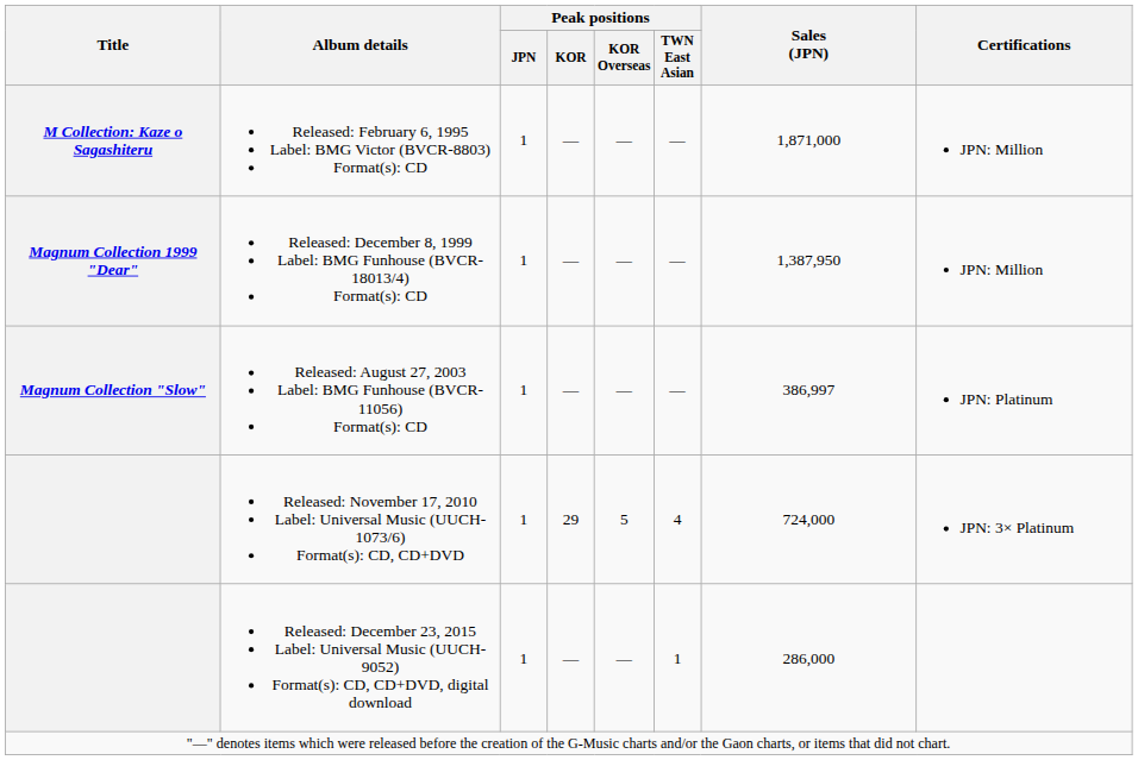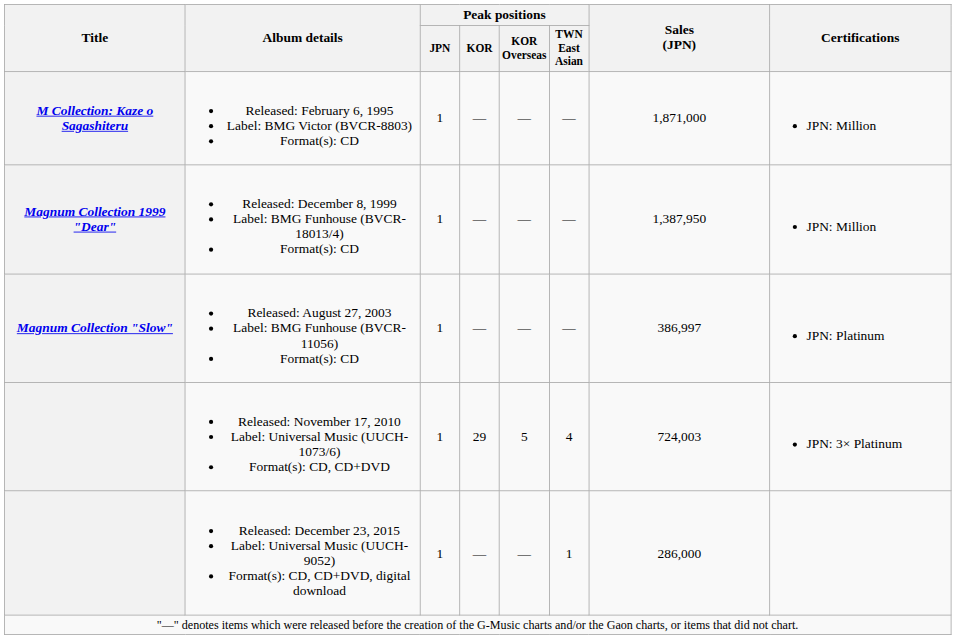 <table class="wikitable plainrowheaders" style="text-align:center;">
 <tr>
 <th style="width:13em;" rowspan="2">Title</th>
 <th style="width:17em;" rowspan="2">Album details</th>
 <th colspan="4">Peak positions</th>
 <th style="width:13em;" rowspan="2">Sales<br>(JPN)<br></th>
 <th style="width:13em;" rowspan="2">Certifications</th>
 </tr>
 <tr>
 <th style="width:3em;font-size:85%;">JPN<br></th>
 <th style="width:3em;font-size:85%;">KOR<br></th>
 <th style="width:3em;font-size:85%;">KOR<br>Overseas<br></th>
 <th style="width:3em;font-size:85%;">TWN East Asian<br></th>
 </tr>
 <tr>
 <th scope="row"><em><a href='#'>M Collection: Kaze o Sagashiteru</a></em></th>
 <td><br><ul><li>Released: February 6, 1995</li><li>Label: BMG Victor <span>(BVCR-8803)</span></li><li>Format(s): CD</li></ul></td>
 <td>1</td>
 <td>—</td>
 <td>—</td>
 <td>—</td>
 <td>1,871,000</td>
 <td align="left"><br><ul><li>JPN: Million</li></ul></td>
 </tr>
 <tr>
 <th scope="row"><em><a href='#'>Magnum Collection 1999 "Dear"</a></em></th>
 <td><br><ul><li>Released: December 8, 1999</li><li>Label: BMG Funhouse <span>(BVCR-18013/4)</span></li><li>Format(s): CD</li></ul></td>
 <td>1</td>
 <td>—</td>
 <td>—</td>
 <td>—</td>
 <td>1,387,950</td>
 <td align="left"><br><ul><li>JPN: Million</li></ul></td>
 </tr>
 <tr>
 <th scope="row"><em><a href='#'>Magnum Collection "Slow"</a></em></th>
 <td><br><ul><li>Released: August 27, 2003</li><li>Label: BMG Funhouse <span>(BVCR-11056)</span></li><li>Format(s): CD</li></ul></td>
 <td>1</td>
 <td>—</td>
 <td>—</td>
 <td>—</td>
 <td>386,997</td>
 <td align="left"><br><ul><li>JPN: Platinum</li></ul></td>
 </tr>
 <tr>
 <th scope="row"><em><a href='#'></a></em></th>
 <td><br><ul><li>Released: November 17, 2010</li><li>Label: Universal Music <span>(UUCH-1073/6)</span></li><li>Format(s): CD, CD+DVD</li></ul></td>
 <td>1</td>
 <td>29</td>
 <td>5</td>
 <td>4</td>
-<td>724,000</td>
+<td>724,003</td>
 <td align="left"><br><ul><li>JPN: 3× Platinum</li></ul></td>
 </tr>
 <tr>
 <th scope="row"></th>
 <td><br><ul><li>Released: December 23, 2015</li><li>Label: Universal Music <span>(UUCH-9052)</span></li><li>Format(s): CD, CD+DVD, digital download</li></ul></td>
 <td>1</td>
 <td>—</td>
 <td>—</td>
 <td>1</td>
 <td>286,000</td>
 <td></td>
 </tr>
 <tr>
 <td colspan="11" align="center" style="font-size:90%;">"—" denotes items which were released before the creation of the G-Music charts and/or the Gaon charts, or items that did not chart.</td>
 </tr>
 </table>
